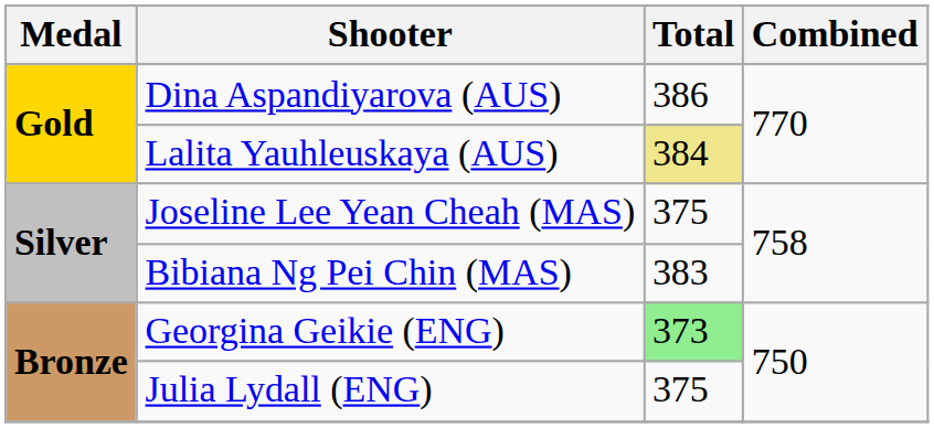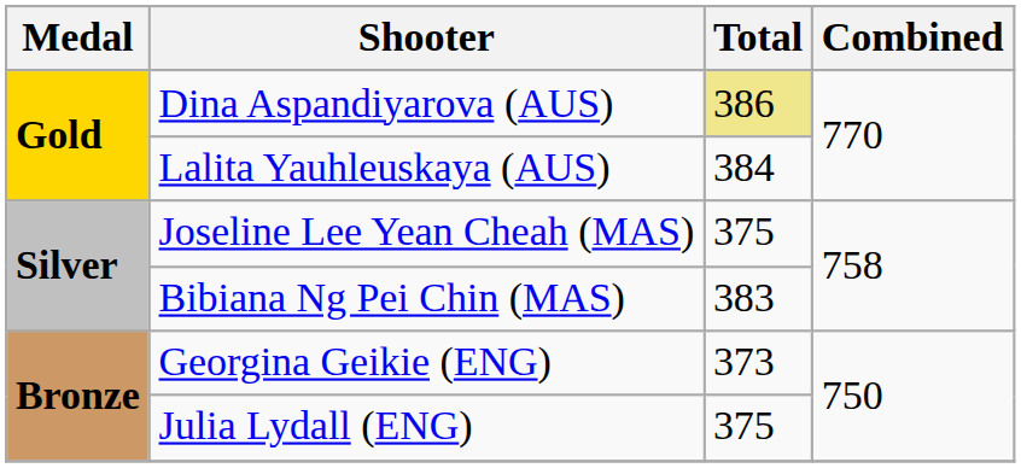 <table class="wikitable">
 <tr>
 <th>Medal</th>
 <th>Shooter</th>
 <th>Total</th>
 <th>Combined</th>
 </tr>
 <tr>
 <td rowspan="2" bgcolor="gold"><strong>Gold</strong></td>
 <td> <a href='#'>Dina Aspandiyarova</a> (<a href='#'>AUS</a>)</td>
-<td>386</td>
+<td style="background: khaki;">386</td>
 <td rowspan="2">770</td>
 </tr>
 <tr>
 <td> <a href='#'>Lalita Yauhleuskaya</a> (<a href='#'>AUS</a>)</td>
-<td style="background: khaki;">384</td>
+<td>384</td>
 </tr>
 <tr>
 <td rowspan="2" bgcolor="silver"><strong>Silver</strong></td>
 <td> <a href='#'>Joseline Lee Yean Cheah</a> (<a href='#'>MAS</a>)</td>
 <td>375</td>
 <td rowspan="2">758</td>
 </tr>
 <tr>
 <td> <a href='#'>Bibiana Ng Pei Chin</a> (<a href='#'>MAS</a>)</td>
 <td>383</td>
 </tr>
 <tr>
 <td rowspan="2" bgcolor="cc9966"><strong>Bronze</strong></td>
 <td> <a href='#'>Georgina Geikie</a> (<a href='#'>ENG</a>)</td>
-<td style="background: lightgreen;">373</td>
+<td>373</td>
 <td rowspan="2">750</td>
 </tr>
 <tr>
 <td> <a href='#'>Julia Lydall</a> (<a href='#'>ENG</a>)</td>
 <td>375</td>
 </tr>
 <tr>
 </tr>
 </table>
